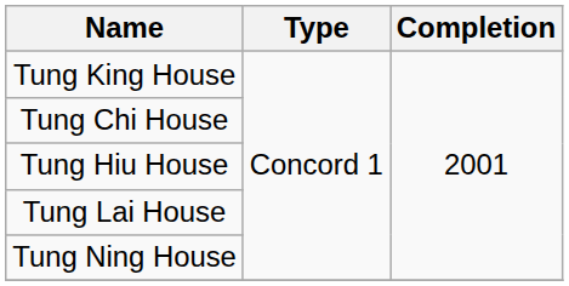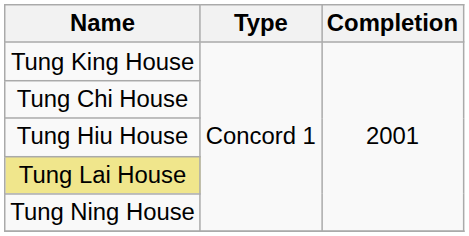 <table class="wikitable" style="text-align: center">
 <tr>
 <th>Name</th>
 <th>Type</th>
 <th>Completion</th>
 </tr>
 <tr>
 <td>Tung King House</td>
 <td rowspan="5">Concord 1</td>
 <td rowspan="5">2001</td>
 </tr>
 <tr>
 <td>Tung Chi House</td>
 </tr>
 <tr>
 <td>Tung Hiu House</td>
 </tr>
 <tr>
-<td>Tung Lai House</td>
+<td style="background: khaki;">Tung Lai House</td>
 </tr>
 <tr>
 <td>Tung Ning House</td>
 </tr>
 <tr>
 </tr>
 </table>
